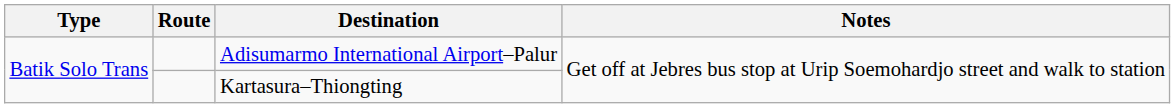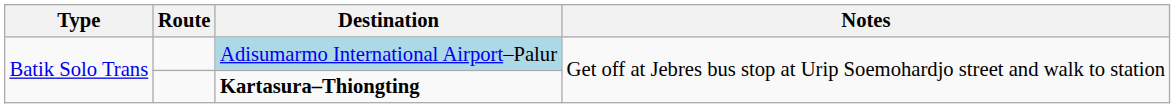 <table class="wikitable">
 <tr>
 <th>Type</th>
 <th>Route</th>
 <th>Destination</th>
 <th>Notes</th>
 </tr>
 <tr>
 <td rowspan="2"><a href='#'>Batik Solo Trans</a></td>
 <td></td>
-<td><a href='#'>Adisumarmo International Airport</a>–Palur</td>
+<td style="background: lightblue;"><a href='#'>Adisumarmo International Airport</a>–Palur</td>
 <td rowspan="2">Get off at Jebres bus stop at Urip Soemohardjo street and walk to station</td>
 </tr>
 <tr>
 <td></td>
-<td>Kartasura–Thiongting</td>
+<td><strong>Kartasura–Thiongting</strong></td>
 </tr>
 </table>
